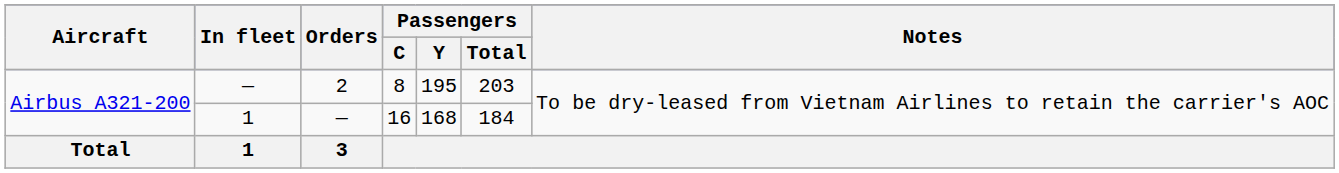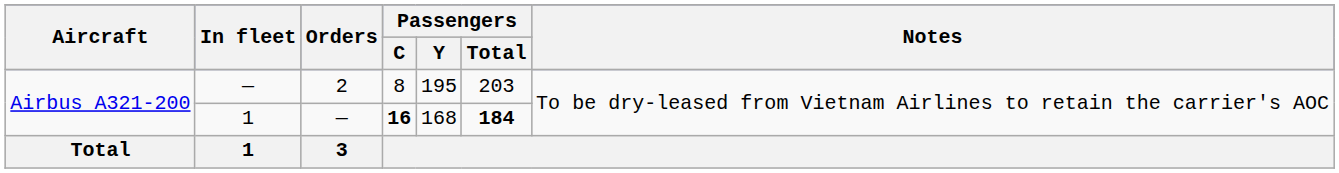 <table class="wikitable" style="border-collapse:collapse;text-align:center;margin:auto;">
 <tr style="background:#202d66;">
 <th rowspan="2">Aircraft</th>
 <th rowspan="2">In fleet</th>
 <th rowspan="2">Orders</th>
 <th colspan="3">Passengers</th>
 <th rowspan="2">Notes</th>
 </tr>
 <tr>
 <th><abbr>C</abbr></th>
 <th><abbr>Y</abbr></th>
 <th>Total</th>
 </tr>
 <tr>
 <td rowspan="2"><a href='#'>Airbus A321-200</a></td>
 <td>—</td>
 <td>2</td>
 <td>8</td>
 <td>195</td>
 <td>203</td>
 <td rowspan="2">To be dry-leased from Vietnam Airlines to retain the carrier's AOC</td>
 </tr>
 <tr>
 <td>1</td>
 <td>—</td>
-<td>16</td>
+<td><strong>16</strong></td>
 <td>168</td>
-<td>184</td>
+<td><strong>184</strong></td>
 </tr>
 <tr>
 <th>Total</th>
 <th>1</th>
 <th>3</th>
 <th colspan="4"></th>
 </tr>
 </table>
